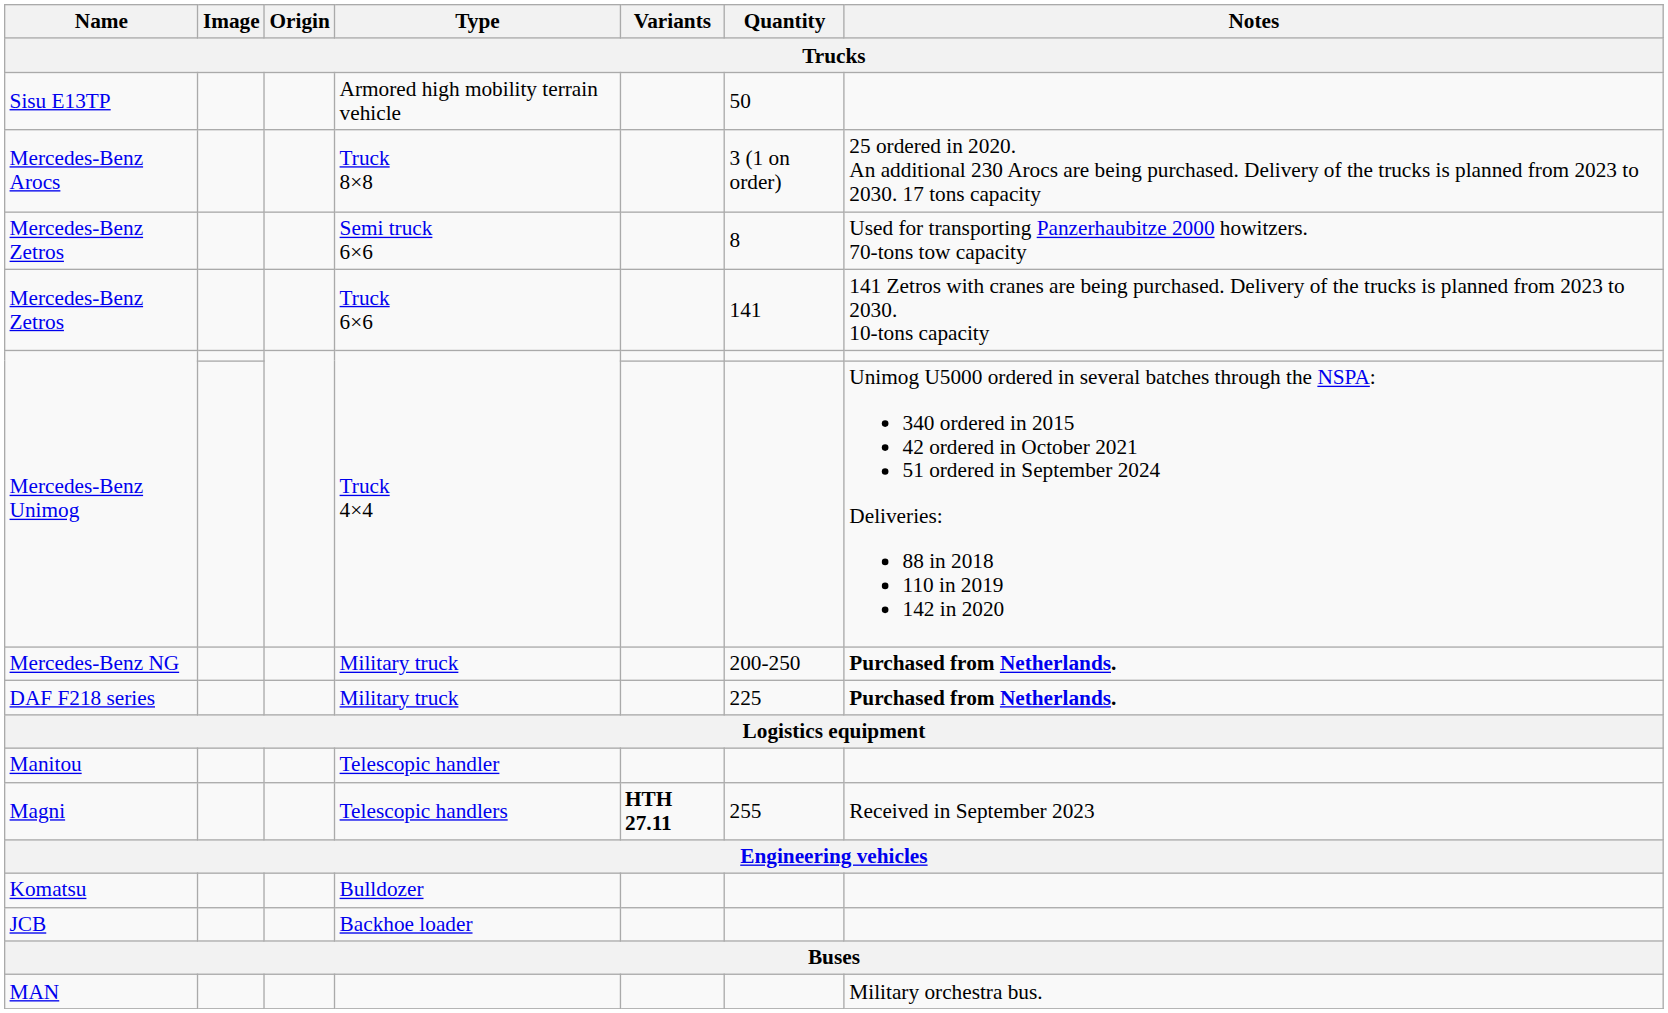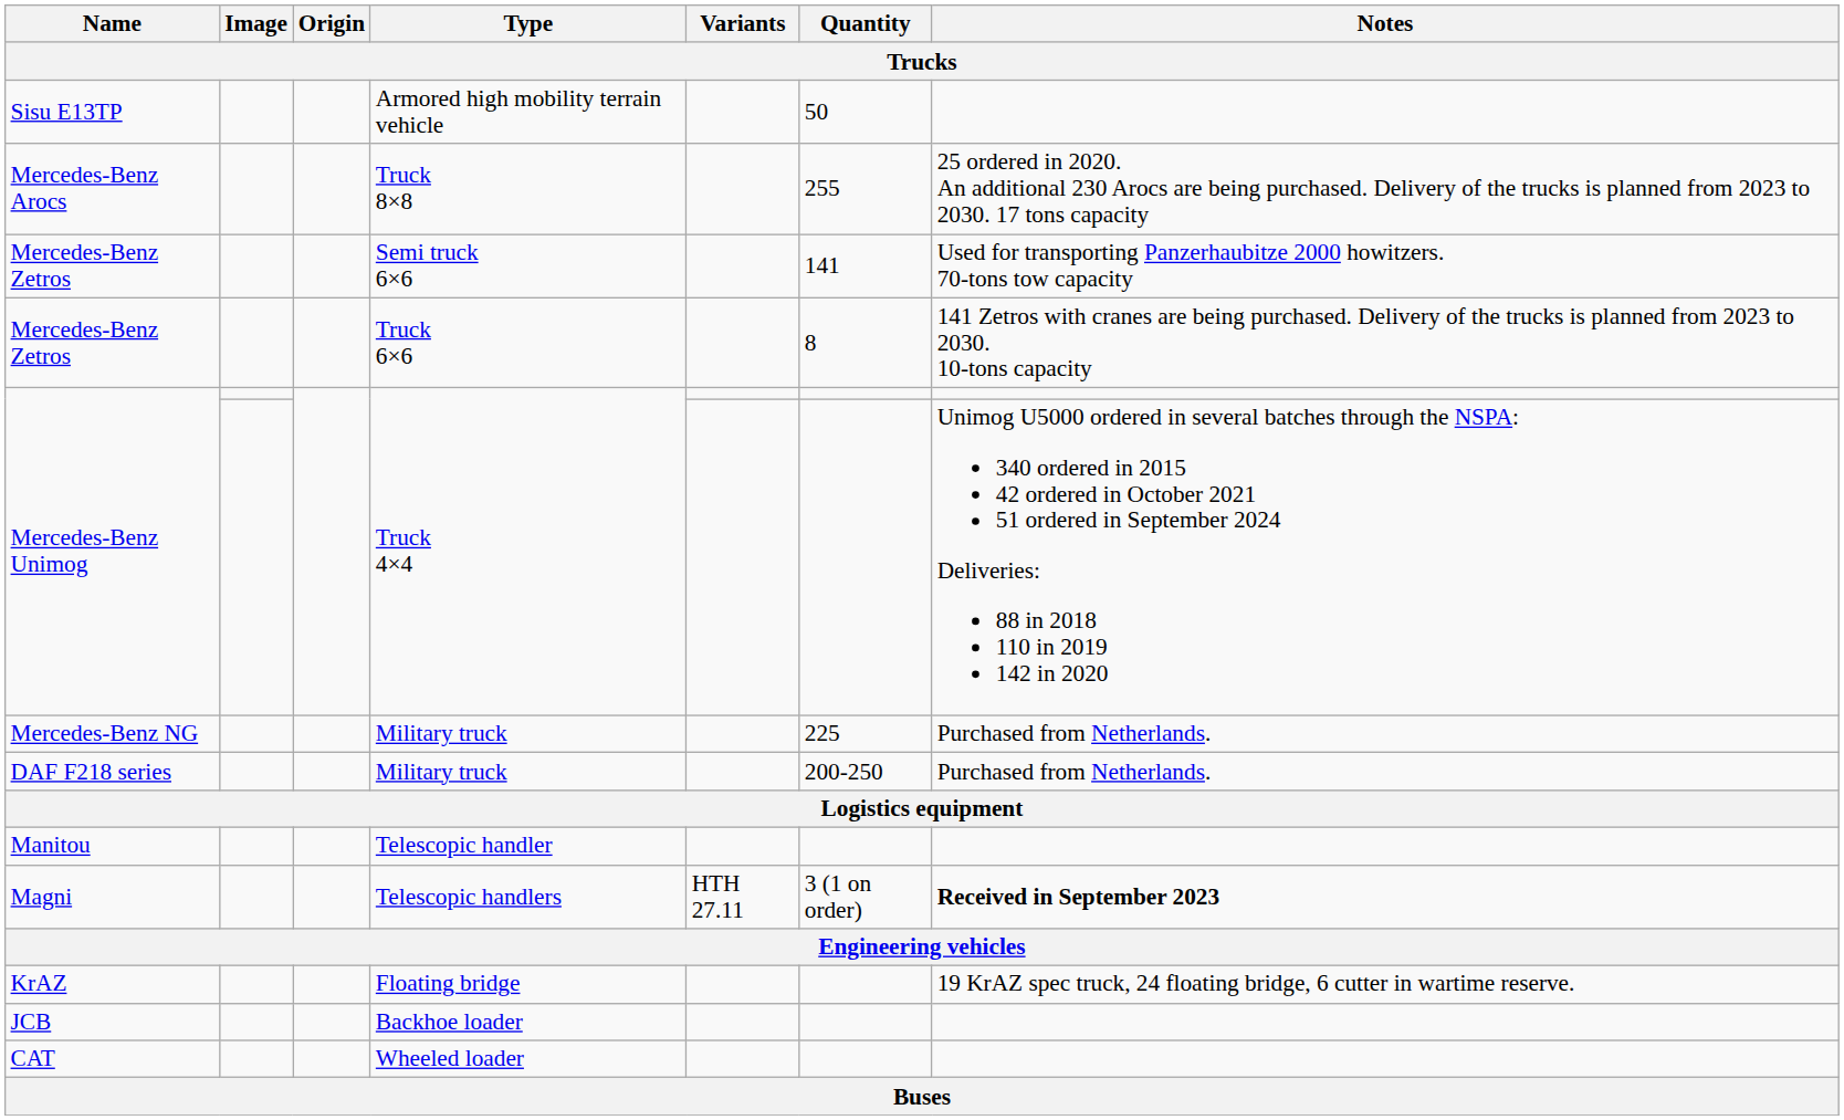 <table class="wikitable">
 <tr>
 <th>Name</th>
 <th>Image</th>
 <th>Origin</th>
 <th>Type</th>
 <th>Variants</th>
 <th>Quantity</th>
 <th>Notes</th>
 </tr>
 <tr>
 <th colspan="7">Trucks</th>
 </tr>
 <tr>
 <td><a href='#'>Sisu E13TP</a></td>
 <td></td>
 <td></td>
 <td>Armored high mobility terrain vehicle</td>
 <td></td>
 <td>50</td>
 <td></td>
 </tr>
 <tr>
 <td><a href='#'>Mercedes-Benz Arocs</a></td>
 <td></td>
 <td></td>
 <td><a href='#'>Truck</a><br>8×8</td>
 <td></td>
-<td>3 (1 on order)</td>
+<td>255</td>
 <td>25 ordered in 2020.<br>An additional 230 Arocs are being purchased. Delivery of the trucks is planned from 2023 to 2030. 17 tons capacity </td>
 </tr>
 <tr>
 <td><a href='#'>Mercedes-Benz Zetros</a></td>
 <td></td>
 <td></td>
 <td><a href='#'>Semi truck</a><br>6×6</td>
 <td></td>
-<td>8</td>
+<td>141</td>
 <td>Used for transporting <a href='#'>Panzerhaubitze 2000</a> howitzers.<br>70-tons tow capacity</td>
 </tr>
 <tr>
 <td><a href='#'>Mercedes-Benz Zetros</a></td>
 <td></td>
 <td></td>
 <td><a href='#'>Truck</a><br>6×6</td>
 <td></td>
-<td>141</td>
+<td>8</td>
 <td>141 Zetros with cranes are being purchased. Delivery of the trucks is planned from 2023 to 2030.<br>10-tons capacity</td>
 </tr>
 <tr>
 <td rowspan="2"><a href='#'>Mercedes-Benz Unimog</a></td>
 <td></td>
 <td rowspan="2"></td>
 <td rowspan="2"><a href='#'>Truck</a><br>4×4</td>
 <td></td>
 <td></td>
 <td></td>
 </tr>
 <tr>
 <td></td>
 <td></td>
 <td></td>
 <td>Unimog U5000 ordered in several batches through the <a href='#'>NSPA</a>:<br><ul><li>340 ordered in 2015</li><li>42 ordered in October 2021</li><li>51 ordered in September 2024</li></ul>Deliveries:<ul><li>88 in 2018</li><li>110 in 2019</li><li>142 in 2020</li></ul></td>
 </tr>
 <tr>
 <td><a href='#'>Mercedes-Benz NG</a></td>
 <td></td>
 <td></td>
 <td><a href='#'>Military truck</a></td>
 <td></td>
-<td>200-250</td>
-<td><strong>Purchased from <a href='#'>Netherlands</a>.</strong></td>
+<td>225</td>
+<td>Purchased from <a href='#'>Netherlands</a>.</td>
 </tr>
 <tr>
 <td><a href='#'>DAF F218 series</a></td>
 <td></td>
 <td></td>
 <td><a href='#'>Military truck</a></td>
 <td></td>
-<td>225</td>
-<td><strong>Purchased from <a href='#'>Netherlands</a>.</strong></td>
+<td>200-250</td>
+<td>Purchased from <a href='#'>Netherlands</a>.</td>
 </tr>
 <tr>
 <th colspan="7">Logistics equipment</th>
 </tr>
 <tr>
 <td><a href='#'>Manitou</a></td>
 <td></td>
 <td></td>
 <td><a href='#'>Telescopic handler</a></td>
 <td></td>
 <td></td>
 <td></td>
 </tr>
 <tr>
 <td><a href='#'>Magni</a></td>
 <td></td>
 <td></td>
 <td><a href='#'>Telescopic handlers</a></td>
-<td><strong>HTH 27.11</strong></td>
-<td>255</td>
-<td>Received in September 2023</td>
+<td>HTH 27.11</td>
+<td>3 (1 on order)</td>
+<td><strong>Received in September 2023</strong></td>
 </tr>
 <tr>
 <th colspan="7"><a href='#'>Engineering vehicles</a></th>
 </tr>
 <tr>
-<td><a href='#'>Komatsu</a></td>
+<td><a href='#'>KrAZ</a></td>
 <td></td>
 <td></td>
-<td><a href='#'>Bulldozer</a></td>
+<td><a href='#'>Floating bridge</a></td>
 <td></td>
 <td></td>
-<td></td>
+<td>19 KrAZ spec truck, 24 floating bridge, 6 cutter in wartime reserve.</td>
 </tr>
 <tr>
 <td><a href='#'>JCB</a></td>
 <td></td>
 <td></td>
 <td><a href='#'>Backhoe loader</a></td>
 <td></td>
 <td></td>
 <td></td>
 </tr>
 <tr>
-<th colspan="7">Buses</th>
-</tr>
-<tr>
-<td><a href='#'>MAN</a></td>
+<td><a href='#'>CAT</a></td>
+<td></td>
+<td></td>
+<td><a href='#'>Wheeled loader</a></td>
 <td></td>
 <td></td>
 <td></td>
-<td></td>
-<td></td>
-<td>Military orchestra bus.</td>
+</tr>
+<tr>
+<th colspan="7">Buses</th>
 </tr>
 </table>
